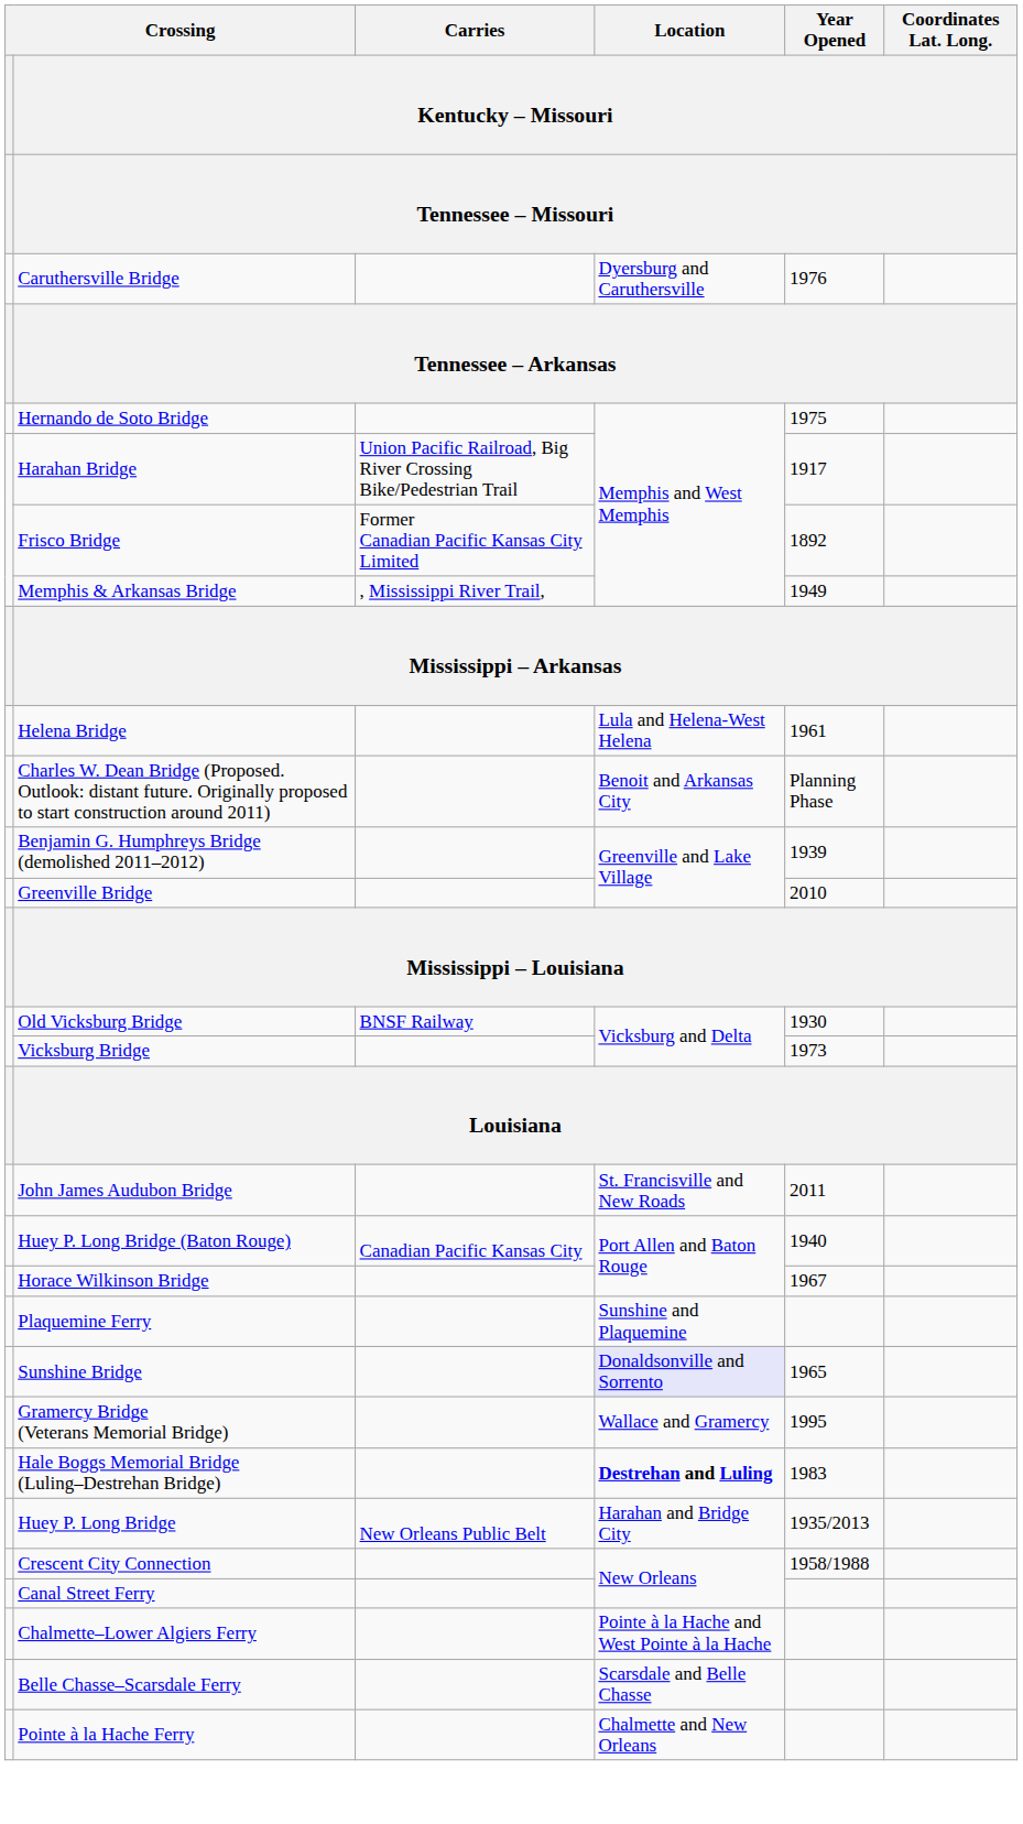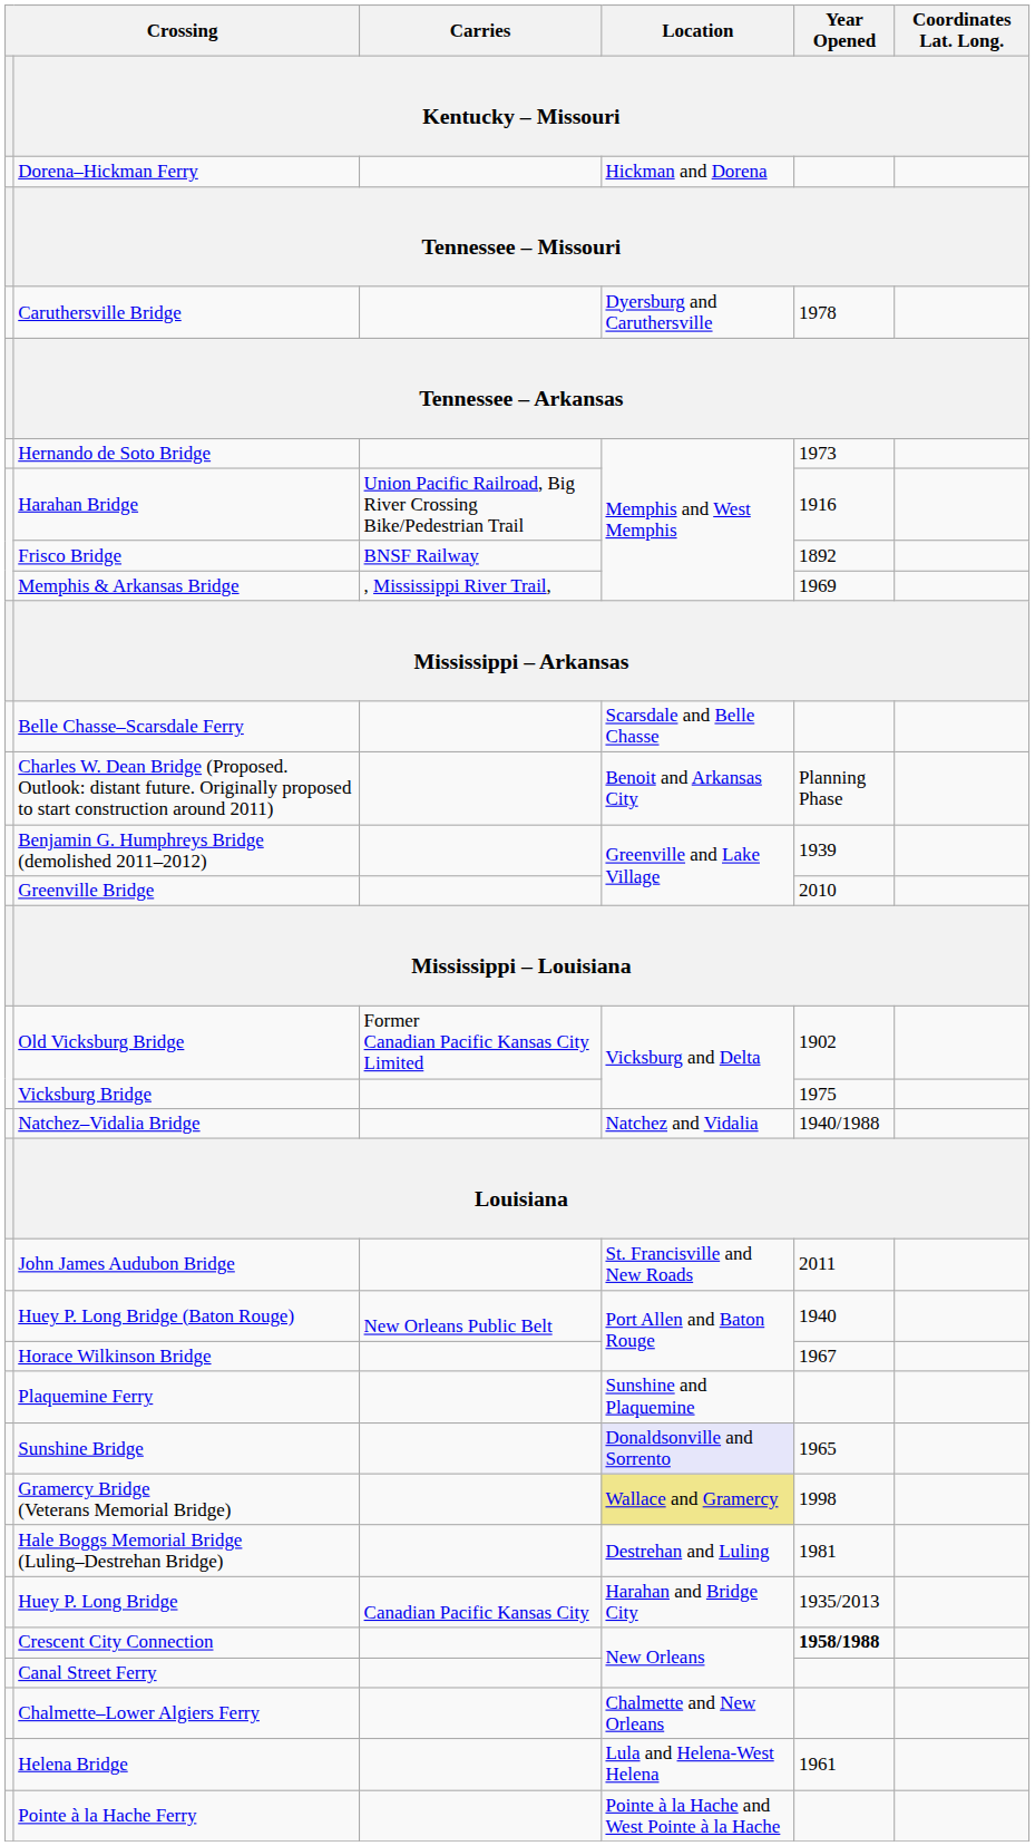 <table class=wikitable>
 <tr>
 <th colspan="2">Crossing</th>
 <th>Carries</th>
 <th>Location</th>
 <th>Year Opened</th>
 <th>Coordinates Lat. Long.</th>
 </tr>
 <tr>
 <th></th>
 <th colspan=5><br><h3>Kentucky – Missouri</h3></th>
 </tr>
 <tr>
+<td></td>
+<td><a href='#'>Dorena–Hickman Ferry</a></td>
+<td></td>
+<td><a href='#'>Hickman</a> and <a href='#'>Dorena</a></td>
+<td></td>
+<td></td>
+</tr>
+<tr>
 <th></th>
 <th colspan=5><br><h3>Tennessee – Missouri</h3></th>
 </tr>
 <tr>
 <td></td>
 <td><a href='#'>Caruthersville Bridge</a></td>
 <td></td>
 <td><a href='#'>Dyersburg</a> and <a href='#'>Caruthersville</a></td>
-<td>1976</td>
+<td>1978</td>
 <td></td>
 </tr>
 <tr>
 <th></th>
 <th colspan=5><br><h3>Tennessee – Arkansas</h3></th>
 </tr>
 <tr>
 <td></td>
 <td><a href='#'>Hernando de Soto Bridge</a></td>
 <td></td>
 <td rowspan=4><a href='#'>Memphis</a> and <a href='#'>West Memphis</a></td>
-<td>1975</td>
+<td>1973</td>
 <td></td>
 </tr>
 <tr>
 <td rowspan="3"></td>
 <td><a href='#'>Harahan Bridge</a></td>
 <td><a href='#'>Union Pacific Railroad</a>, Big River Crossing Bike/Pedestrian Trail</td>
-<td>1917</td>
+<td>1916</td>
 <td></td>
 </tr>
 <tr>
 <td><a href='#'>Frisco Bridge</a></td>
-<td>Former <br><a href='#'>Canadian Pacific Kansas City Limited</a></td>
+<td><a href='#'>BNSF Railway</a></td>
 <td>1892</td>
 <td></td>
 </tr>
 <tr>
 <td><a href='#'>Memphis & Arkansas Bridge</a></td>
 <td>, <a href='#'>Mississippi River Trail</a>,<br></td>
-<td>1949</td>
+<td>1969</td>
 <td></td>
 </tr>
 <tr>
 <th></th>
 <th colspan=5><br><h3>Mississippi – Arkansas</h3></th>
 </tr>
 <tr>
 <td></td>
-<td><a href='#'>Helena Bridge</a></td>
+<td><a href='#'>Belle Chasse–Scarsdale Ferry</a></td>
 <td></td>
-<td><a href='#'>Lula</a> and <a href='#'>Helena-West Helena</a></td>
-<td>1961</td>
+<td><a href='#'>Scarsdale</a> and <a href='#'>Belle Chasse</a></td>
+<td></td>
 <td></td>
 </tr>
 <tr>
 <td></td>
 <td><a href='#'>Charles W. Dean Bridge</a> (Proposed. Outlook: distant future. Originally proposed to start construction around 2011)</td>
 <td></td>
 <td><a href='#'>Benoit</a> and <a href='#'>Arkansas City</a></td>
 <td>Planning Phase</td>
 <td></td>
 </tr>
 <tr>
 <td></td>
 <td><a href='#'>Benjamin G. Humphreys Bridge</a> (demolished 2011–2012)</td>
 <td></td>
 <td rowspan=2><a href='#'>Greenville</a> and <a href='#'>Lake Village</a></td>
 <td>1939</td>
 <td></td>
 </tr>
 <tr>
 <td></td>
 <td><a href='#'>Greenville Bridge</a></td>
 <td></td>
 <td>2010</td>
 <td></td>
 </tr>
 <tr>
 <th></th>
 <th colspan=5><br><h3>Mississippi – Louisiana</h3></th>
 </tr>
 <tr>
 <td rowspan="2"></td>
 <td><a href='#'>Old Vicksburg Bridge</a></td>
-<td><a href='#'>BNSF Railway</a></td>
+<td>Former <br><a href='#'>Canadian Pacific Kansas City Limited</a></td>
 <td rowspan=2><a href='#'>Vicksburg</a> and <a href='#'>Delta</a></td>
-<td>1930</td>
+<td>1902</td>
 <td></td>
 </tr>
 <tr>
 <td><a href='#'>Vicksburg Bridge</a></td>
 <td></td>
-<td>1973</td>
+<td>1975</td>
+<td></td>
+</tr>
+<tr>
+<td></td>
+<td><a href='#'>Natchez–Vidalia Bridge</a></td>
+<td></td>
+<td><a href='#'>Natchez</a> and <a href='#'>Vidalia</a></td>
+<td>1940/1988</td>
 <td></td>
 </tr>
 <tr>
 <th></th>
 <th colspan=5><br><h3>Louisiana</h3></th>
 </tr>
 <tr>
 <td></td>
 <td><a href='#'>John James Audubon Bridge</a></td>
 <td></td>
 <td><a href='#'>St. Francisville</a> and <a href='#'>New Roads</a></td>
 <td>2011</td>
 <td></td>
 </tr>
 <tr>
 <td></td>
 <td><a href='#'>Huey P. Long Bridge (Baton Rouge)</a></td>
-<td><br><a href='#'>Canadian Pacific Kansas City</a></td>
+<td><br><a href='#'>New Orleans Public Belt</a></td>
 <td rowspan=2><a href='#'>Port Allen</a> and <a href='#'>Baton Rouge</a></td>
 <td>1940</td>
 <td></td>
 </tr>
 <tr>
 <td></td>
 <td><a href='#'>Horace Wilkinson Bridge</a></td>
 <td></td>
 <td>1967</td>
 <td></td>
 </tr>
 <tr>
 <td></td>
 <td><a href='#'>Plaquemine Ferry</a></td>
 <td></td>
 <td><a href='#'>Sunshine</a> and <a href='#'>Plaquemine</a></td>
 <td></td>
 <td></td>
 </tr>
 <tr>
 <td></td>
 <td><a href='#'>Sunshine Bridge</a></td>
 <td></td>
 <td style="background: lavender;"><a href='#'>Donaldsonville</a> and <a href='#'>Sorrento</a></td>
 <td>1965</td>
 <td></td>
 </tr>
 <tr>
 <td></td>
 <td><a href='#'>Gramercy Bridge</a><br>(Veterans Memorial Bridge)</td>
 <td></td>
-<td><a href='#'>Wallace</a> and <a href='#'>Gramercy</a></td>
-<td>1995</td>
+<td style="background: khaki;"><a href='#'>Wallace</a> and <a href='#'>Gramercy</a></td>
+<td>1998</td>
 <td></td>
 </tr>
 <tr>
 <td></td>
 <td><a href='#'>Hale Boggs Memorial Bridge</a><br>(Luling–Destrehan Bridge)</td>
 <td></td>
-<td><strong><a href='#'>Destrehan</a> and <a href='#'>Luling</a></strong></td>
-<td>1983</td>
+<td><a href='#'>Destrehan</a> and <a href='#'>Luling</a></td>
+<td>1981</td>
 <td></td>
 </tr>
 <tr>
 <td></td>
 <td><a href='#'>Huey P. Long Bridge</a></td>
-<td><br><a href='#'>New Orleans Public Belt</a></td>
+<td><br><a href='#'>Canadian Pacific Kansas City</a></td>
 <td><a href='#'>Harahan</a> and <a href='#'>Bridge City</a></td>
 <td>1935/2013</td>
 <td></td>
 </tr>
 <tr>
 <td></td>
 <td><a href='#'>Crescent City Connection</a></td>
 <td></td>
 <td rowspan=2><a href='#'>New Orleans</a></td>
-<td>1958/1988</td>
+<td><strong>1958/1988</strong></td>
 <td></td>
 </tr>
 <tr>
 <td></td>
 <td><a href='#'>Canal Street Ferry</a></td>
 <td></td>
 <td></td>
 <td></td>
 </tr>
 <tr>
 <td></td>
 <td><a href='#'>Chalmette–Lower Algiers Ferry</a></td>
 <td></td>
-<td><a href='#'>Pointe à la Hache</a> and <a href='#'>West Pointe à la Hache</a></td>
+<td><a href='#'>Chalmette</a> and <a href='#'>New Orleans</a></td>
 <td></td>
 <td></td>
 </tr>
 <tr>
 <td></td>
-<td><a href='#'>Belle Chasse–Scarsdale Ferry</a></td>
+<td><a href='#'>Helena Bridge</a></td>
 <td></td>
-<td><a href='#'>Scarsdale</a> and <a href='#'>Belle Chasse</a></td>
-<td></td>
+<td><a href='#'>Lula</a> and <a href='#'>Helena-West Helena</a></td>
+<td>1961</td>
 <td></td>
 </tr>
 <tr>
 <td></td>
 <td><a href='#'>Pointe à la Hache Ferry</a></td>
 <td></td>
-<td><a href='#'>Chalmette</a> and <a href='#'>New Orleans</a></td>
+<td><a href='#'>Pointe à la Hache</a> and <a href='#'>West Pointe à la Hache</a></td>
 <td></td>
 <td></td>
 </tr>
 </table>
